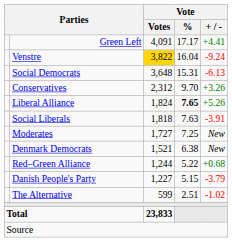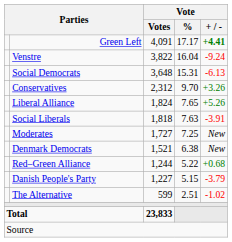 <table class="wikitable" style="text-align:right;">
 <tr>
 <th style="text-align:centre;" rowspan="2" colspan="2" width="225">Parties</th>
 <th colspan="3">Vote</th>
 </tr>
 <tr>
 <th width="15">Votes</th>
 <th width="15">%</th>
 <th width="15">+ / -</th>
 </tr>
 <tr>
 <td width=2 bgcolor=></td>
 <td><a href='#'>Green Left</a></td>
 <td>4,091</td>
 <td>17.17</td>
-<td style=color:green;>+4.41</td>
+<td style=color:green;><strong>+4.41</strong></td>
 </tr>
 <tr>
 <td width=2 bgcolor=></td>
 <td align=left><a href='#'>Venstre</a></td>
-<td style="background: gold;">3,822</td>
+<td>3,822</td>
 <td>16.04</td>
 <td style=color:red;>-9.24</td>
 </tr>
 <tr>
 <td width=2 bgcolor=></td>
 <td align=left><a href='#'>Social Democrats</a></td>
 <td>3,648</td>
 <td>15.31</td>
 <td style=color:red;>-6.13</td>
 </tr>
 <tr>
 <td width=2 bgcolor=></td>
 <td align=left><a href='#'>Conservatives</a></td>
 <td>2,312</td>
 <td>9.70</td>
 <td style=color:green;>+3.26</td>
 </tr>
 <tr>
 <td width=2 bgcolor=></td>
 <td align=left><a href='#'>Liberal Alliance</a></td>
 <td>1,824</td>
-<td><strong>7.65</strong></td>
+<td>7.65</td>
 <td style=color:green;>+5.26</td>
 </tr>
 <tr>
 <td width=2 bgcolor=></td>
 <td align=left><a href='#'>Social Liberals</a></td>
 <td>1,818</td>
 <td>7.63</td>
 <td style=color:red;>-3.91</td>
 </tr>
 <tr>
 <td width=2 bgcolor=></td>
 <td align=left><a href='#'>Moderates</a></td>
 <td>1,727</td>
 <td>7.25</td>
 <td><em>New</em></td>
 </tr>
 <tr>
 <td width=2 bgcolor=></td>
 <td align=left><a href='#'>Denmark Democrats</a></td>
 <td>1,521</td>
 <td>6.38</td>
 <td><em>New</em></td>
 </tr>
 <tr>
 <td width=2 bgcolor=></td>
 <td align=left><a href='#'>Red–Green Alliance</a></td>
 <td>1,244</td>
 <td>5.22</td>
 <td style=color:green;>+0.68</td>
 </tr>
 <tr>
 <td width=2 bgcolor=></td>
 <td align=left><a href='#'>Danish People's Party</a></td>
 <td>1,227</td>
 <td>5.15</td>
 <td style=color:red;>-3.79</td>
 </tr>
 <tr>
 <td width=2 bgcolor=></td>
 <td align=left><a href='#'>The Alternative</a></td>
 <td>599</td>
 <td>2.51</td>
 <td style=color:red;>-1.02</td>
 </tr>
 <tr>
 <td colspan="7" bgcolor="#E9E9E9"></td>
 </tr>
 <tr>
 <td align="left" colspan="2"><strong>Total</strong></td>
 <td><strong>23,833</strong></td>
 <td bgcolor=#E9E9E9 colspan=2></td>
 </tr>
 <tr>
 <td align="left" colspan="6">Source</td>
 </tr>
 </table>
